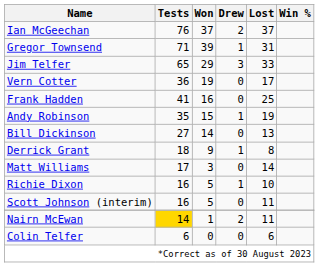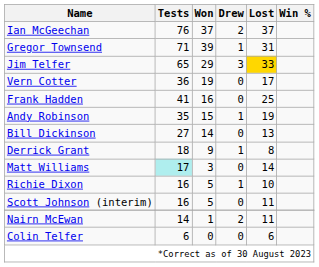 <table class="sortable wikitable sortable">
 <tr>
 <th>Name</th>
 <th>Tests</th>
 <th>Won</th>
 <th>Drew</th>
 <th>Lost</th>
 <th>Win %</th>
 </tr>
 <tr align=right>
 <td align=left> <a href='#'>Ian McGeechan</a></td>
 <td>76</td>
 <td>37</td>
 <td>2</td>
 <td>37</td>
 <td></td>
 </tr>
 <tr align=right>
 <td align=left> <a href='#'>Gregor Townsend</a></td>
 <td>71</td>
 <td>39</td>
 <td>1</td>
 <td>31</td>
 <td></td>
 </tr>
 <tr align=right>
 <td align=left> <a href='#'>Jim Telfer</a></td>
 <td>65</td>
 <td>29</td>
 <td>3</td>
-<td>33</td>
+<td style="background: gold;">33</td>
 <td></td>
 </tr>
 <tr align=right>
 <td align=left> <a href='#'>Vern Cotter</a></td>
 <td>36</td>
 <td>19</td>
 <td>0</td>
 <td>17</td>
 <td></td>
 </tr>
 <tr align=right>
 <td align=left> <a href='#'>Frank Hadden</a></td>
 <td>41</td>
 <td>16</td>
 <td>0</td>
 <td>25</td>
 <td></td>
 </tr>
 <tr align=right>
 <td align=left> <a href='#'>Andy Robinson</a></td>
 <td>35</td>
 <td>15</td>
 <td>1</td>
 <td>19</td>
 <td></td>
 </tr>
 <tr align=right>
 <td align=left> <a href='#'>Bill Dickinson</a></td>
 <td>27</td>
 <td>14</td>
 <td>0</td>
 <td>13</td>
 <td></td>
 </tr>
 <tr align=right>
 <td align=left> <a href='#'>Derrick Grant</a></td>
 <td>18</td>
 <td>9</td>
 <td>1</td>
 <td>8</td>
 <td></td>
 </tr>
 <tr align=right>
 <td align=left> <a href='#'>Matt Williams</a></td>
-<td>17</td>
+<td style="background: paleturquoise;">17</td>
 <td>3</td>
 <td>0</td>
 <td>14</td>
 <td></td>
 </tr>
 <tr align=right>
 <td align=left> <a href='#'>Richie Dixon</a></td>
 <td>16</td>
 <td>5</td>
 <td>1</td>
 <td>10</td>
 <td></td>
 </tr>
 <tr align=right>
 <td align=left> <a href='#'>Scott Johnson</a> (interim)</td>
 <td>16</td>
 <td>5</td>
 <td>0</td>
 <td>11</td>
 <td></td>
 </tr>
 <tr>
 </tr>
 <tr align=right>
 <td align=left> <a href='#'>Nairn McEwan</a></td>
-<td style="background: gold;">14</td>
+<td>14</td>
 <td>1</td>
 <td>2</td>
 <td>11</td>
 <td></td>
 </tr>
 <tr align=right>
 <td align=left> <a href='#'>Colin Telfer</a></td>
 <td>6</td>
 <td>0</td>
 <td>0</td>
 <td>6</td>
 <td></td>
 </tr>
 <tr>
 <td colspan="7" style="text-align:right; background: white"><small>*Correct as of 30 August 2023</small></td>
 </tr>
 </table>
